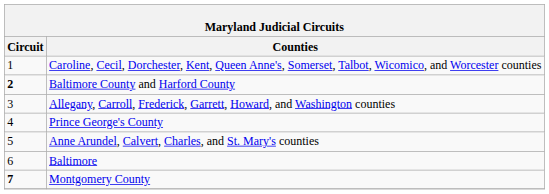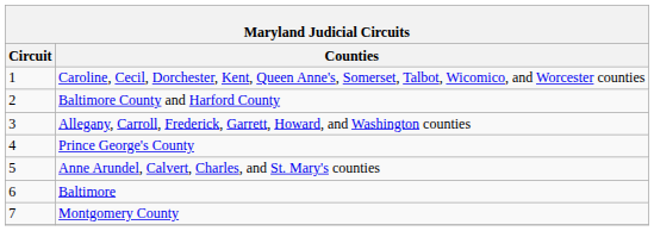 <table class=wikitable>
 <tr>
 <th colspan=2><br><span><strong>Maryland Judicial Circuits</strong></span></th>
 </tr>
 <tr>
 <th>Circuit</th>
 <th>Counties</th>
 </tr>
 <tr>
 <td>1</td>
 <td><a href='#'>Caroline</a>, <a href='#'>Cecil</a>, <a href='#'>Dorchester</a>, <a href='#'>Kent</a>, <a href='#'>Queen Anne's</a>, <a href='#'>Somerset</a>, <a href='#'>Talbot</a>, <a href='#'>Wicomico</a>, and <a href='#'>Worcester</a> counties</td>
 </tr>
 <tr>
-<td><strong>2</strong></td>
+<td>2</td>
 <td><a href='#'>Baltimore County</a> and <a href='#'>Harford County</a></td>
 </tr>
 <tr>
 <td>3</td>
 <td><a href='#'>Allegany</a>, <a href='#'>Carroll</a>, <a href='#'>Frederick</a>, <a href='#'>Garrett</a>, <a href='#'>Howard</a>, and <a href='#'>Washington</a> counties</td>
 </tr>
 <tr>
 <td>4</td>
 <td><a href='#'>Prince George's County</a></td>
 </tr>
 <tr>
 <td>5</td>
 <td><a href='#'>Anne Arundel</a>, <a href='#'>Calvert</a>, <a href='#'>Charles</a>, and <a href='#'>St. Mary's</a> counties</td>
 </tr>
 <tr>
 <td>6</td>
 <td><a href='#'>Baltimore</a></td>
 </tr>
 <tr>
-<td><strong>7</strong></td>
+<td>7</td>
 <td><a href='#'>Montgomery County</a></td>
 </tr>
 <tr>
 </tr>
 </table>
